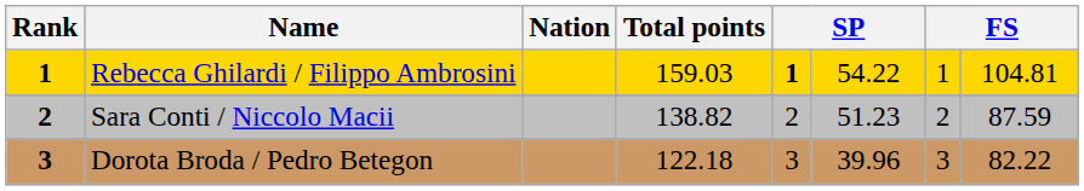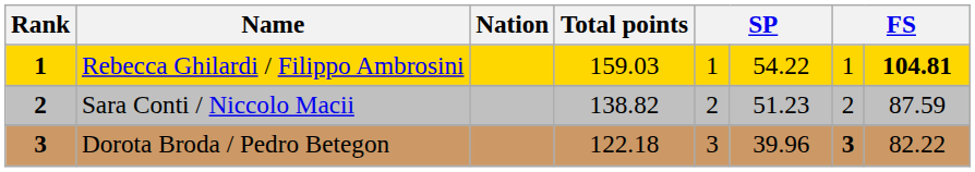 <table class="wikitable sortable">
 <tr>
 <th>Rank</th>
 <th>Name</th>
 <th>Nation</th>
 <th>Total points</th>
 <th colspan="2" width="80px"><a href='#'>SP</a></th>
 <th colspan="2" width="80px"><a href='#'>FS</a></th>
 </tr>
 <tr bgcolor="gold">
 <td align="center"><strong>1</strong></td>
 <td><a href='#'>Rebecca Ghilardi</a> / <a href='#'>Filippo Ambrosini</a></td>
 <td></td>
 <td align="center">159.03</td>
-<td align="center"><strong>1</strong></td>
+<td align="center">1</td>
 <td align="center">54.22</td>
 <td align="center">1</td>
-<td align="center">104.81</td>
+<td align="center"><strong>104.81</strong></td>
 </tr>
 <tr>
 </tr>
 <tr bgcolor="silver">
 <td align="center"><strong>2</strong></td>
 <td>Sara Conti / <a href='#'>Niccolo Macii</a></td>
 <td></td>
 <td align="center">138.82</td>
 <td align="center">2</td>
 <td align="center">51.23</td>
 <td align="center">2</td>
 <td align="center">87.59</td>
 </tr>
 <tr>
 </tr>
 <tr bgcolor="cc9966">
 <td align="center"><strong>3</strong></td>
 <td>Dorota Broda / Pedro Betegon</td>
 <td></td>
 <td align="center">122.18</td>
 <td align="center">3</td>
 <td align="center">39.96</td>
-<td align="center">3</td>
+<td align="center"><strong>3</strong></td>
 <td align="center">82.22</td>
 </tr>
 <tr>
 </tr>
 </table>
